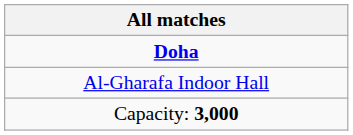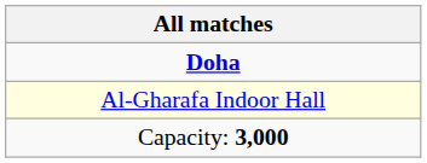 <table class="wikitable" style="text-align:center" width=280>
 <tr>
 <th>All matches</th>
 </tr>
 <tr>
 <td> <strong><a href='#'>Doha</a></strong></td>
 </tr>
 <tr>
-<td><a href='#'>Al-Gharafa Indoor Hall</a></td>
+<td style="background: lightyellow;"><a href='#'>Al-Gharafa Indoor Hall</a></td>
 </tr>
 <tr>
 <td>Capacity: <strong>3,000</strong></td>
 </tr>
 </table>
